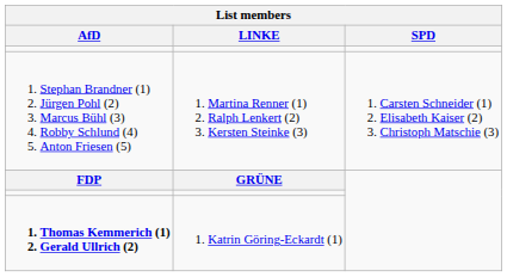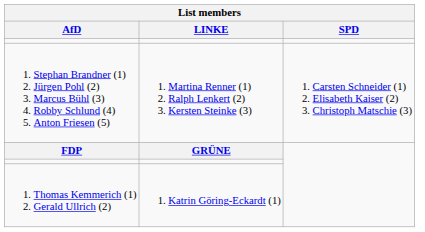 <table class=wikitable>
 <tr>
 <th colspan=3>List members</th>
 </tr>
 <tr>
 <th><a href='#'>AfD</a></th>
 <th><a href='#'>LINKE</a></th>
 <th><a href='#'>SPD</a></th>
 </tr>
 <tr>
 <td bgcolor=></td>
 <td bgcolor=></td>
 <td bgcolor=></td>
 </tr>
 <tr>
 <td><br><ol><li><a href='#'>Stephan Brandner</a> (1)</li><li><a href='#'>Jürgen Pohl</a> (2)</li><li><a href='#'>Marcus Bühl</a> (3)</li><li><a href='#'>Robby Schlund</a> (4)</li><li><a href='#'>Anton Friesen</a> (5)</li></ol></td>
 <td><br><ol><li><a href='#'>Martina Renner</a> (1)</li><li><a href='#'>Ralph Lenkert</a> (2)</li><li><a href='#'>Kersten Steinke</a> (3)</li></ol></td>
 <td><br><ol><li><a href='#'>Carsten Schneider</a> (1)</li><li><a href='#'>Elisabeth Kaiser</a> (2)</li><li><a href='#'>Christoph Matschie</a> (3)</li></ol></td>
 </tr>
 <tr>
 <th><a href='#'>FDP</a></th>
 <th><a href='#'>GRÜNE</a></th>
 </tr>
 <tr>
 <td bgcolor=></td>
 <td bgcolor=></td>
 </tr>
 <tr>
-<td><strong><br><ol><li><a href='#'>Thomas Kemmerich</a> (1)</li><li><a href='#'>Gerald Ullrich</a> (2)</li></ol></strong></td>
+<td><br><ol><li><a href='#'>Thomas Kemmerich</a> (1)</li><li><a href='#'>Gerald Ullrich</a> (2)</li></ol></td>
 <td><br><ol><li><a href='#'>Katrin Göring-Eckardt</a> (1)</li></ol></td>
 </tr>
 </table>
